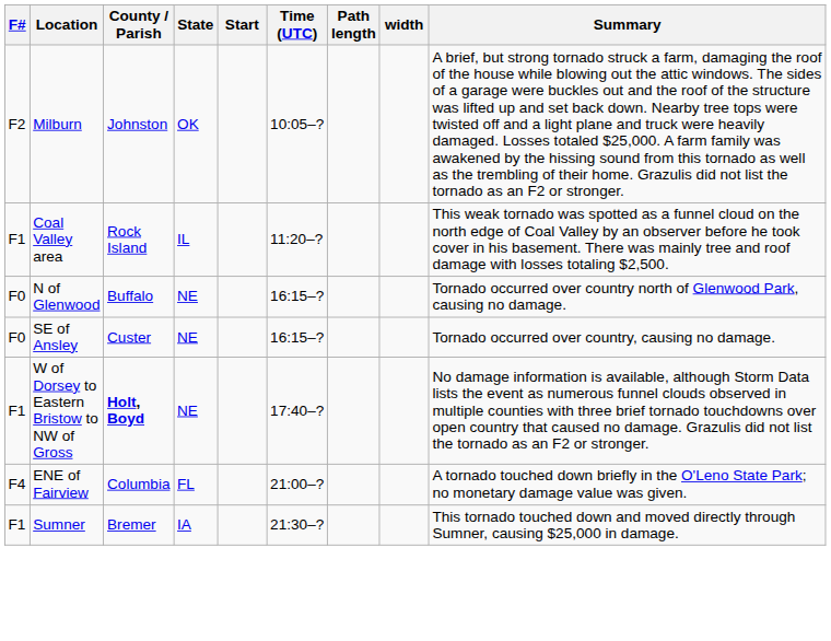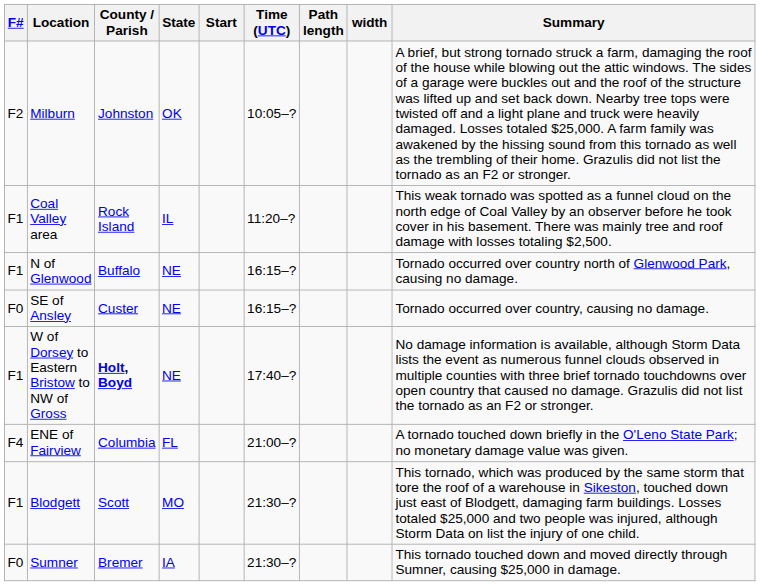 <table class="wikitable sortable" style="width:100%;">
 <tr>
 <th scope="col"  style="width:3%; text-align:center;"><a href='#'>F#</a></th>
 <th scope="col"  style="width:7%; text-align:center;" class="unsortable">Location</th>
 <th scope="col"  style="width:6%; text-align:center;" class="unsortable">County / Parish</th>
 <th scope="col"  style="width:5%; text-align:center;">State</th>
 <th scope="col"  style="width:6%; text-align:center;">Start<br></th>
 <th scope="col"  style="width:6%; text-align:center;">Time (<a href='#'>UTC</a>)</th>
 <th scope="col"  style="width:6%; text-align:center;">Path length</th>
 <th scope="col"  style="width:6%; text-align:center;"> width</th>
 <th scope="col" class="unsortable" style="width:48%; text-align:center;">Summary</th>
 </tr>
 <tr>
 <td>F2</td>
 <td><a href='#'>Milburn</a></td>
 <td><a href='#'>Johnston</a></td>
 <td><a href='#'>OK</a></td>
 <td></td>
 <td>10:05–?</td>
 <td></td>
 <td></td>
 <td>A brief, but strong tornado struck a farm, damaging the roof of the house while blowing out the attic windows. The sides of a garage were buckles out and the roof of the structure was lifted up and set back down. Nearby tree tops were twisted off and a light plane and truck were heavily damaged. Losses totaled $25,000. A farm family was awakened by the hissing sound from this tornado as well as the trembling of their home. Grazulis did not list the tornado as an F2 or stronger.</td>
 </tr>
 <tr>
 <td>F1</td>
 <td><a href='#'>Coal Valley</a> area</td>
 <td><a href='#'>Rock Island</a></td>
 <td><a href='#'>IL</a></td>
 <td></td>
 <td>11:20–?</td>
 <td></td>
 <td></td>
 <td>This weak tornado was spotted as a funnel cloud on the north edge of Coal Valley by an observer before he took cover in his basement. There was mainly tree and roof damage with losses totaling $2,500.</td>
 </tr>
 <tr>
-<td>F0</td>
+<td>F1</td>
 <td>N of <a href='#'>Glenwood</a></td>
 <td><a href='#'>Buffalo</a></td>
 <td><a href='#'>NE</a></td>
 <td></td>
 <td>16:15–?</td>
 <td></td>
 <td></td>
 <td>Tornado occurred over country north of <a href='#'>Glenwood Park</a>, causing no damage.</td>
 </tr>
 <tr>
 <td>F0</td>
 <td>SE of <a href='#'>Ansley</a></td>
 <td><a href='#'>Custer</a></td>
 <td><a href='#'>NE</a></td>
 <td></td>
 <td>16:15–?</td>
 <td></td>
 <td></td>
 <td>Tornado occurred over country, causing no damage.</td>
 </tr>
 <tr>
 <td>F1</td>
 <td>W of <a href='#'>Dorsey</a> to Eastern <a href='#'>Bristow</a> to NW of <a href='#'>Gross</a></td>
 <td><strong><a href='#'>Holt</a>, <a href='#'>Boyd</a></strong></td>
 <td><a href='#'>NE</a></td>
 <td></td>
 <td>17:40–?</td>
 <td></td>
 <td></td>
 <td>No damage information is available, although Storm Data lists the event as numerous funnel clouds observed in multiple counties with three brief tornado touchdowns over open country that caused no damage. Grazulis did not list the tornado as an F2 or stronger.</td>
 </tr>
 <tr>
 <td>F4</td>
 <td>ENE of <a href='#'>Fairview</a></td>
 <td><a href='#'>Columbia</a></td>
 <td><a href='#'>FL</a></td>
 <td></td>
 <td>21:00–?</td>
 <td></td>
 <td></td>
 <td>A tornado touched down briefly in the <a href='#'>O'Leno State Park</a>; no monetary damage value was given.</td>
 </tr>
 <tr>
 <td>F1</td>
+<td><a href='#'>Blodgett</a></td>
+<td><a href='#'>Scott</a></td>
+<td><a href='#'>MO</a></td>
+<td></td>
+<td>21:30–?</td>
+<td></td>
+<td></td>
+<td>This tornado, which was produced by the same storm that tore the roof of a warehouse in <a href='#'>Sikeston</a>, touched down just east of Blodgett, damaging farm buildings. Losses totaled $25,000 and two people was injured, although Storm Data on list the injury of one child.</td>
+</tr>
+<tr>
+<td>F0</td>
 <td><a href='#'>Sumner</a></td>
 <td><a href='#'>Bremer</a></td>
 <td><a href='#'>IA</a></td>
 <td></td>
 <td>21:30–?</td>
 <td></td>
 <td></td>
 <td>This tornado touched down and moved directly through Sumner, causing $25,000 in damage.</td>
 </tr>
 </table>
